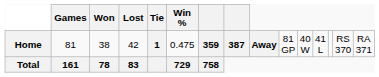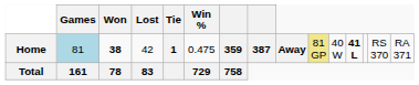 <table class="wikitable" style="font-size:95%; text-align:center; width:38em; border:0;margin:0.5em auto;">
 <tr>
 <td width="28%" style="background:#fff;border:0;"></td>
 <th width="12%">Games</th>
 <th width="12%">Won</th>
 <th width="12%">Lost</th>
 <th>Tie</th>
 <th width="12%">Win %</th>
 <th width="12%"></th>
 <th width="12%"></th>
 </tr>
 <tr>
 <th>Home</th>
-<td>81</td>
-<td>38</td>
+<td style="background: lightblue;">81</td>
+<td><strong>38</strong></td>
 <td 42>42</td>
 <th>1</th>
 <td>0.475</td>
 <th>359</th>
 <th>387</th>
 <th>Away</th>
-<td>81 GP</td>
+<td style="background: khaki;">81 GP</td>
 <td>40 W</td>
-<td>41 L</td>
+<td><strong>41 L</strong></td>
 <td></td>
 <td>RS 370</td>
 <td>RA 371</td>
 </tr>
 <tr>
 <th>Total</th>
 <th>161</th>
 <th>78</th>
 <th>83</th>
 <th></th>
 <th>729</th>
 <th>758</th>
 </tr>
 </table>
